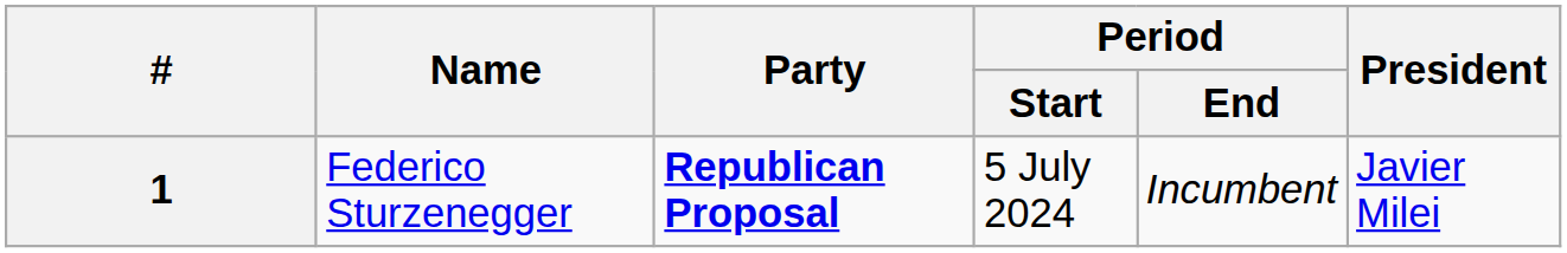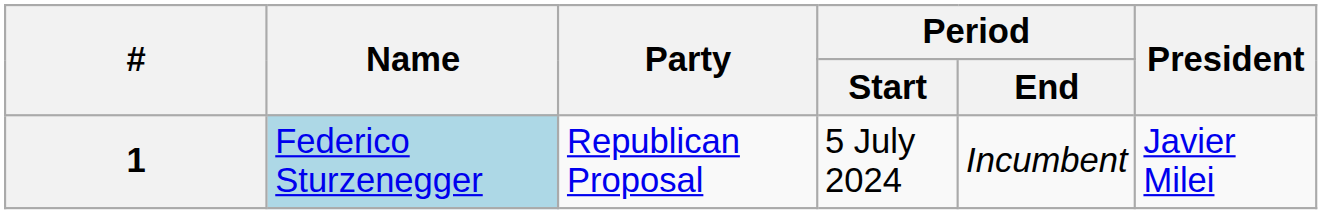 <table class="wikitable">
 <tr>
 <th rowspan="2" width="20%">#</th>
 <th rowspan="2">Name</th>
 <th rowspan="2">Party</th>
 <th colspan="2">Period</th>
 <th rowspan="2">President</th>
 </tr>
 <tr>
 <th>Start</th>
 <th>End</th>
 </tr>
 <tr>
 <th>1</th>
-<td><a href='#'>Federico Sturzenegger</a></td>
-<td><strong><a href='#'>Republican Proposal</a></strong></td>
+<td style="background: lightblue;"><a href='#'>Federico Sturzenegger</a></td>
+<td><a href='#'>Republican Proposal</a></td>
 <td>5 July 2024</td>
 <td><em>Incumbent</em></td>
 <td><a href='#'>Javier Milei</a></td>
 </tr>
 </table>
